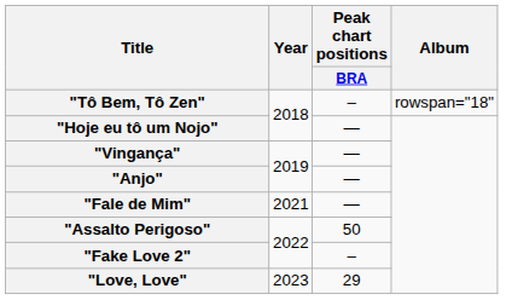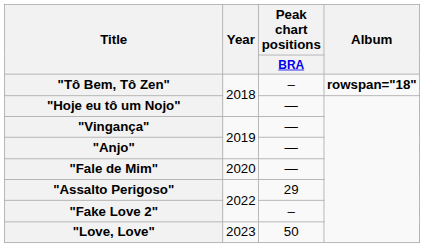 <table class="wikitable plainrowheaders" style="text-align:center;">
 <tr>
 <th scope="col" rowspan="2" style="width:16em;">Title</th>
 <th scope="col" rowspan="2">Year</th>
 <th scope="col" colspan="1">Peak chart positions</th>
 <th scope="col" rowspan="2">Album</th>
 </tr>
 <tr>
 <th scope="col" style="width:3em;font-size:90%;"><a href='#'>BRA</a></th>
 </tr>
 <tr>
 <th scope="row">"Tô Bem, Tô Zen"<br></th>
 <td rowspan="2">2018</td>
 <td>–</td>
-<td>rowspan="18" </td>
+<td><strong>rowspan="18" </strong></td>
 </tr>
 <tr>
 <th scope="row">"Hoje eu tô um Nojo"</th>
 <td>—</td>
 </tr>
 <tr>
 <th scope="row">"Vingança"<br></th>
 <td rowspan="2">2019</td>
 <td>—</td>
 </tr>
 <tr>
 <th scope="row">"Anjo"</th>
 <td>—</td>
 </tr>
 <tr>
 <th scope="row">"Fale de Mim"</th>
-<td>2021</td>
+<td>2020</td>
 <td>—</td>
 </tr>
 <tr>
 <th scope="row">"Assalto Perigoso"</th>
 <td rowspan="2">2022</td>
-<td>50</td>
+<td>29</td>
 </tr>
 <tr>
 <th scope="row">"Fake Love 2"</th>
 <td>–</td>
 </tr>
 <tr>
 <th scope="row">"Love, Love" </th>
 <td rowspan="2">2023</td>
-<td>29</td>
+<td>50</td>
 </tr>
 </table>
